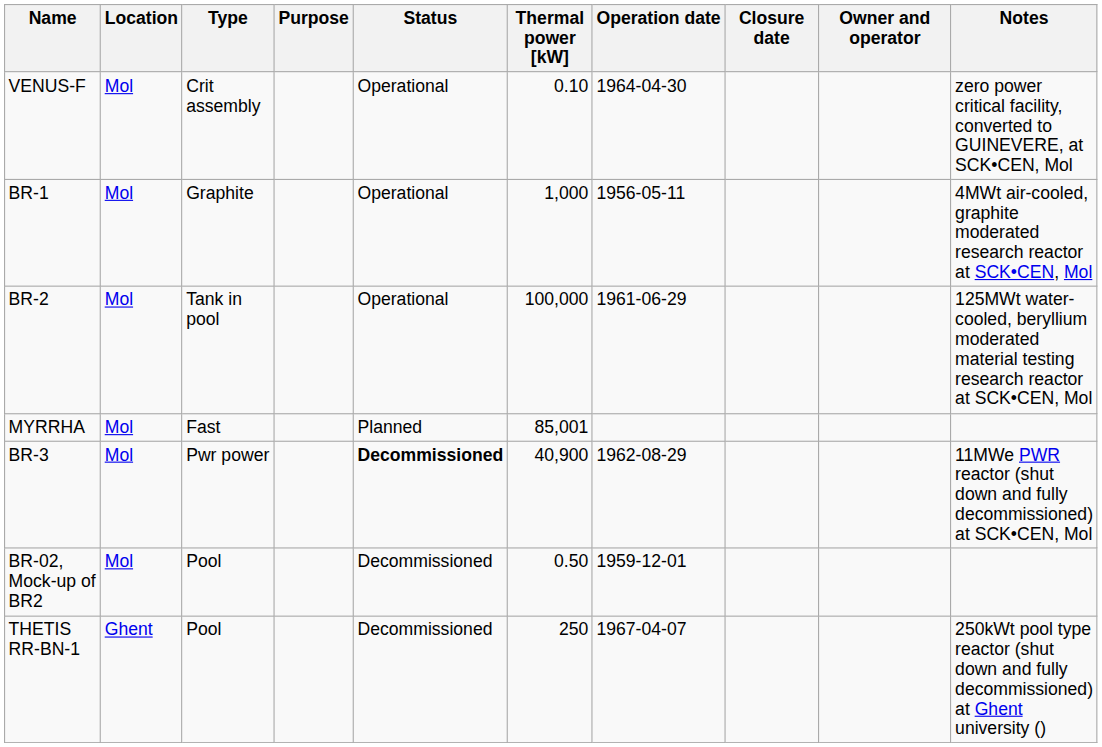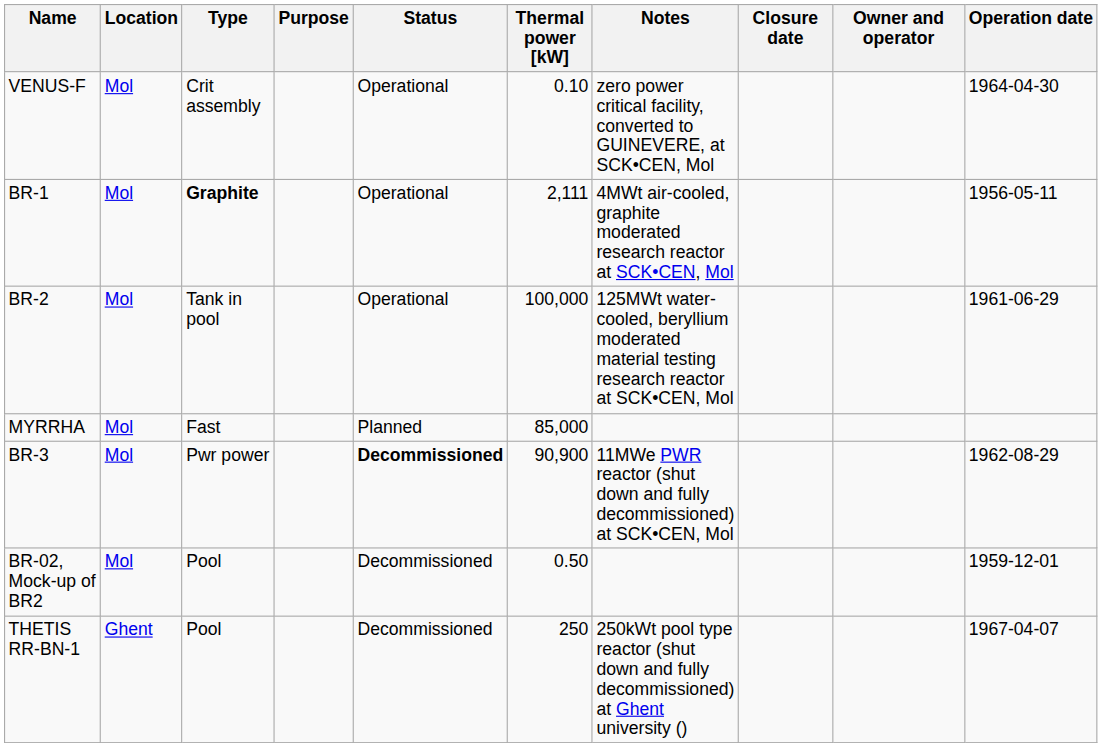 <table class="wikitable" >
 <tr valign="top">
 <th width="80">Name</th>
 <th width="65">Location</th>
 <th width="76">Type</th>
 <th width="65">Purpose</th>
 <th width="91">Status</th>
 <th width="70“">Thermal power [kW]</th>
-<th width=„67“>Operation date</th>
+<th width="65">Notes</th>
 <th width="78“">Closure date</th>
 <th width="113“">Owner and operator</th>
-<th width="65">Notes</th>
+<th width=„67“>Operation date</th>
 </tr>
 <tr valign="top">
 <td>VENUS-F</td>
 <td><a href='#'>Mol</a></td>
 <td>Crit assembly</td>
 <td></td>
 <td>Operational</td>
 <td align="right">0.10</td>
-<td>1964-04-30</td>
+<td>zero power critical facility, converted to GUINEVERE, at SCK•CEN, Mol</td>
 <td></td>
 <td></td>
-<td>zero power critical facility, converted to GUINEVERE, at SCK•CEN, Mol</td>
+<td>1964-04-30</td>
 </tr>
 <tr valign="top">
 <td>BR-1</td>
 <td><a href='#'>Mol</a></td>
-<td>Graphite</td>
+<td><strong>Graphite</strong></td>
 <td></td>
 <td>Operational</td>
-<td align="right">1,000</td>
-<td>1956-05-11</td>
+<td align="right">2,111</td>
+<td>4MWt air-cooled, graphite moderated research reactor at <a href='#'>SCK•CEN</a>, <a href='#'>Mol</a></td>
 <td></td>
 <td></td>
-<td>4MWt air-cooled, graphite moderated research reactor at <a href='#'>SCK•CEN</a>, <a href='#'>Mol</a></td>
+<td>1956-05-11</td>
 </tr>
 <tr valign="top">
 <td>BR-2</td>
 <td><a href='#'>Mol</a></td>
 <td>Tank in pool</td>
 <td></td>
 <td>Operational</td>
 <td align="right">100,000</td>
-<td>1961-06-29</td>
+<td>125MWt water-cooled, beryllium moderated material testing research reactor at SCK•CEN, Mol</td>
 <td></td>
 <td></td>
-<td>125MWt water-cooled, beryllium moderated material testing research reactor at SCK•CEN, Mol</td>
+<td>1961-06-29</td>
 </tr>
 <tr valign="top">
 <td>MYRRHA</td>
 <td><a href='#'>Mol</a></td>
 <td>Fast</td>
 <td></td>
 <td>Planned</td>
-<td align="right">85,001</td>
-<td> </td>
+<td align="right">85,000</td>
 <td></td>
 <td></td>
 <td></td>
+<td> </td>
 </tr>
 <tr valign="top">
 <td>BR-3</td>
 <td><a href='#'>Mol</a></td>
 <td>Pwr power</td>
 <td></td>
 <td><strong>Decommissioned</strong></td>
-<td align="right">40,900</td>
-<td>1962-08-29</td>
+<td align="right">90,900</td>
+<td>11MWe <a href='#'>PWR</a> reactor (shut down and fully decommissioned) at SCK•CEN, Mol</td>
 <td></td>
 <td></td>
-<td>11MWe <a href='#'>PWR</a> reactor (shut down and fully decommissioned) at SCK•CEN, Mol</td>
+<td>1962-08-29</td>
 </tr>
 <tr valign="top">
 <td>BR-02, Mock-up of BR2</td>
 <td><a href='#'>Mol</a></td>
 <td>Pool</td>
 <td></td>
 <td>Decommissioned</td>
 <td align="right">0.50</td>
-<td>1959-12-01</td>
 <td></td>
 <td></td>
 <td></td>
+<td>1959-12-01</td>
 </tr>
 <tr valign="top">
 <td>THETIS RR-BN-1</td>
 <td><a href='#'>Ghent</a></td>
 <td>Pool</td>
 <td></td>
 <td>Decommissioned</td>
 <td align="right">250</td>
-<td>1967-04-07</td>
+<td>250kWt pool type reactor (shut down and fully decommissioned) at <a href='#'>Ghent</a> university ()</td>
 <td></td>
 <td></td>
-<td>250kWt pool type reactor (shut down and fully decommissioned) at <a href='#'>Ghent</a> university ()</td>
+<td>1967-04-07</td>
 </tr>
 </table>
